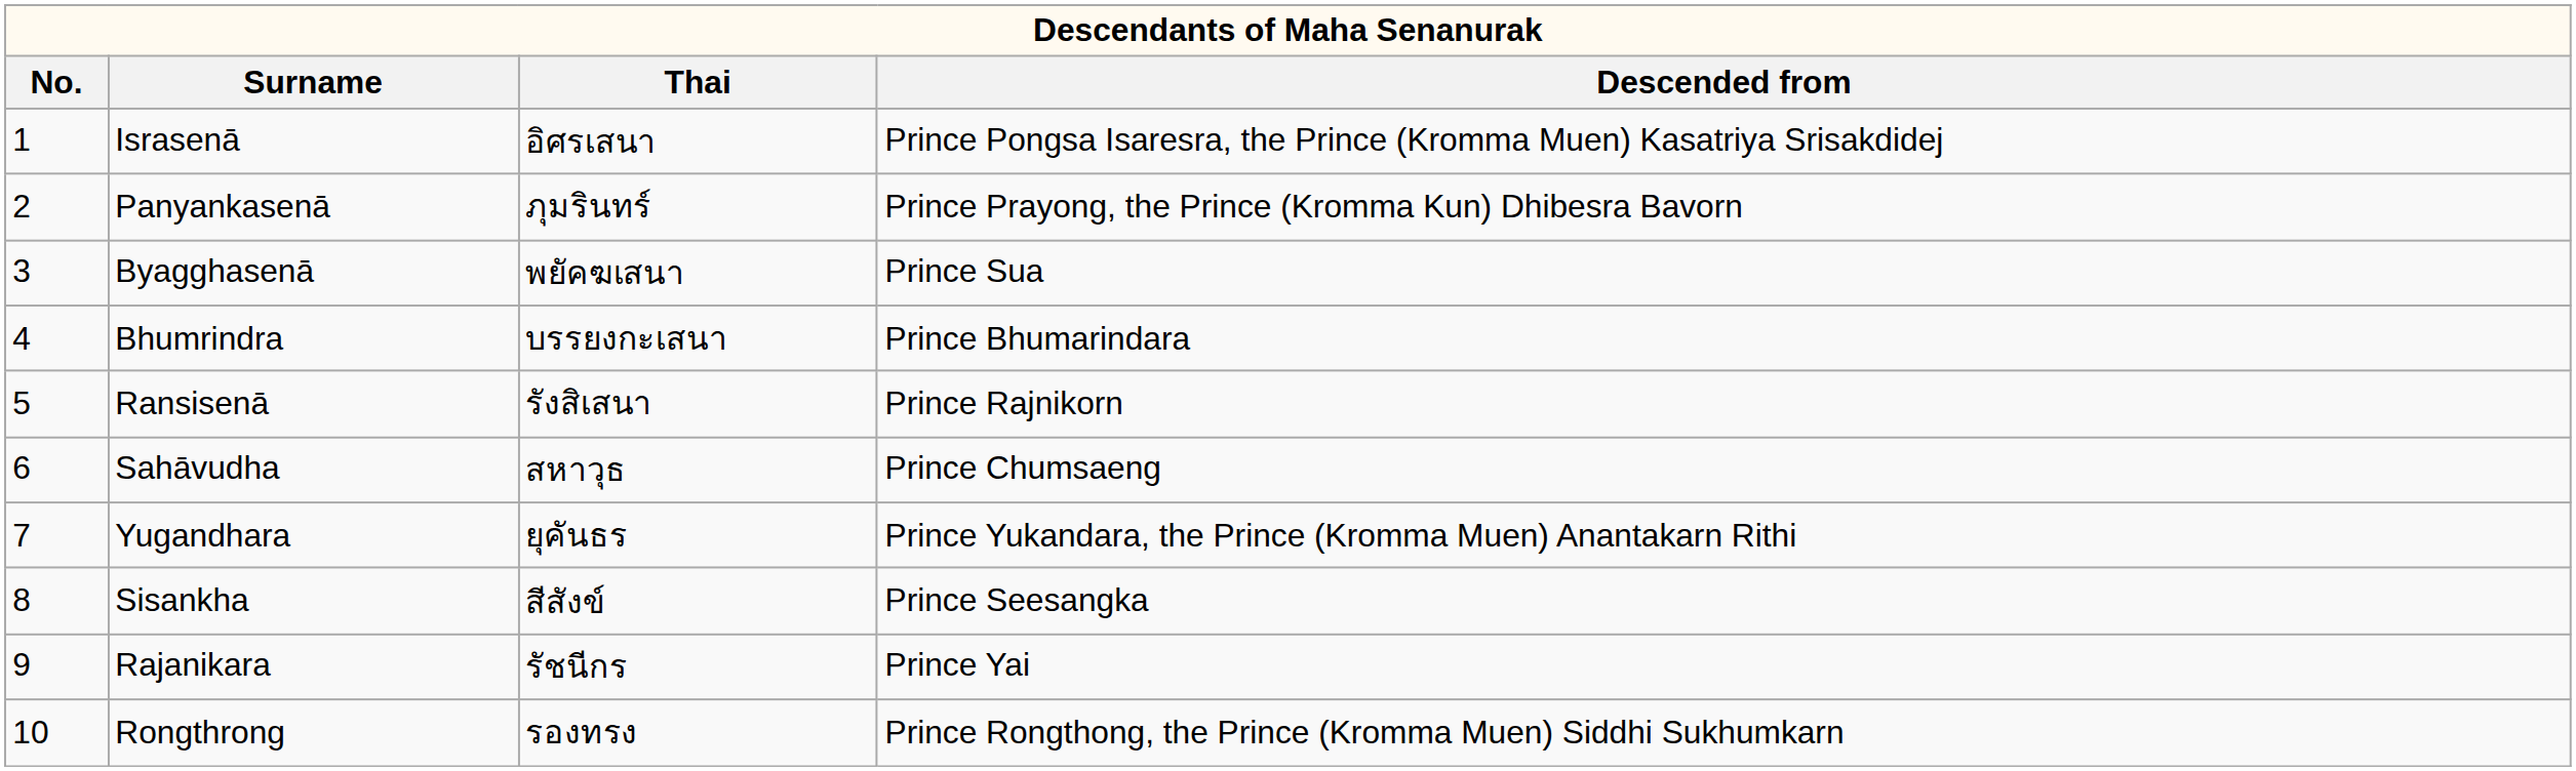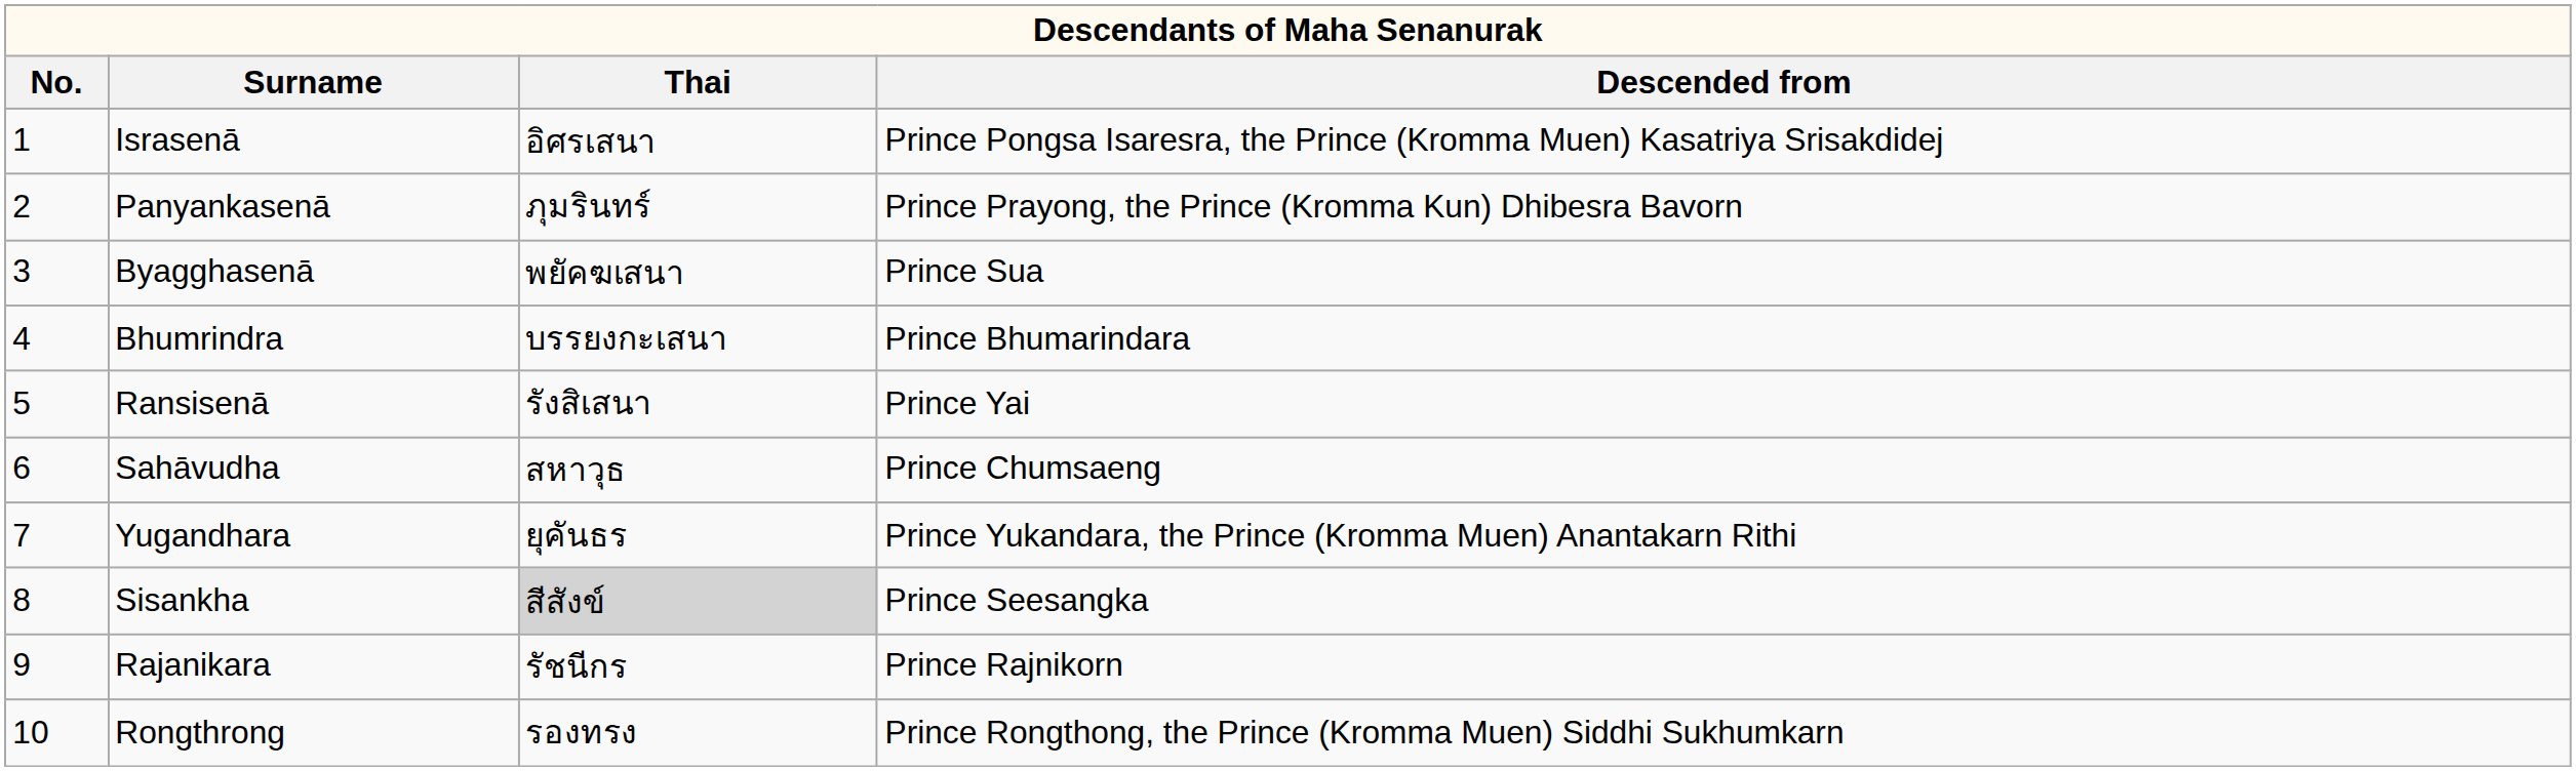 <table class="wikitable collapsible collapsed" style="width:100%;">
 <tr>
 <th style="align: center; background: #fffaf0;" colspan="4"><strong>Descendants of Maha Senanurak</strong></th>
 </tr>
 <tr>
 <th style="width:4%;">No.</th>
 <th style="width:16%;">Surname</th>
 <th style="width:14%;">Thai</th>
 <th style="width:66%;">Descended from</th>
 </tr>
 <tr>
 <td>1</td>
 <td>Israsenā</td>
 <td>อิศรเสนา</td>
 <td>Prince Pongsa Isaresra, the Prince (Kromma Muen) Kasatriya Srisakdidej</td>
 </tr>
 <tr>
 <td>2</td>
 <td>Panyankasenā</td>
 <td>ภุมรินทร์</td>
 <td>Prince Prayong, the Prince (Kromma Kun) Dhibesra Bavorn</td>
 </tr>
 <tr>
 <td>3</td>
 <td>Byagghasenā</td>
 <td>พยัคฆเสนา</td>
 <td>Prince Sua</td>
 </tr>
 <tr>
 <td>4</td>
 <td>Bhumrindra</td>
 <td>บรรยงกะเสนา</td>
 <td>Prince Bhumarindara</td>
 </tr>
 <tr>
 <td>5</td>
 <td>Ransisenā</td>
 <td>รังสิเสนา</td>
-<td>Prince Rajnikorn</td>
+<td>Prince Yai</td>
 </tr>
 <tr>
 <td>6</td>
 <td>Sahāvudha</td>
 <td>สหาวุธ</td>
 <td>Prince Chumsaeng</td>
 </tr>
 <tr>
 <td>7</td>
 <td>Yugandhara</td>
 <td>ยุคันธร</td>
 <td>Prince Yukandara, the Prince (Kromma Muen) Anantakarn Rithi</td>
 </tr>
 <tr>
 <td>8</td>
 <td>Sisankha</td>
-<td>สีสังข์</td>
+<td style="background: lightgrey;">สีสังข์</td>
 <td>Prince Seesangka</td>
 </tr>
 <tr>
 <td>9</td>
 <td>Rajanikara</td>
 <td>รัชนีกร</td>
-<td>Prince Yai</td>
+<td>Prince Rajnikorn</td>
 </tr>
 <tr>
 <td>10</td>
 <td>Rongthrong</td>
 <td>รองทรง</td>
 <td>Prince Rongthong, the Prince (Kromma Muen) Siddhi Sukhumkarn</td>
 </tr>
 </table>
